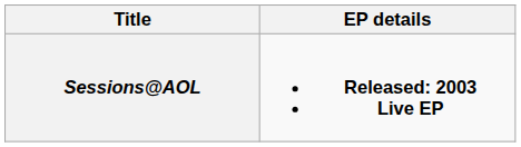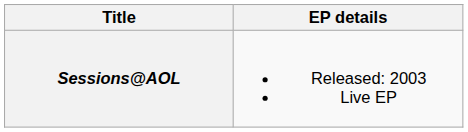 <table class="wikitable plainrowheaders" style="text-align:center;">
 <tr>
 <th width="215">Title</th>
 <th width="215">EP details</th>
 </tr>
 <tr>
 <th scope="row"><em>Sessions@AOL</em></th>
-<td><strong><br><ul><li>Released: 2003</li><li>Live EP</li></ul></strong></td>
+<td><br><ul><li>Released: 2003</li><li>Live EP</li></ul></td>
 </tr>
 </table>
